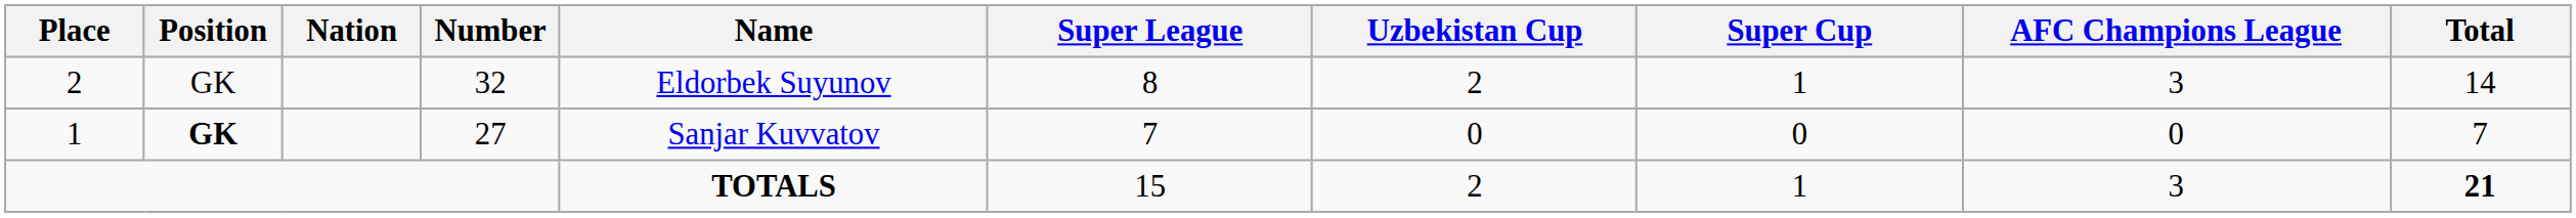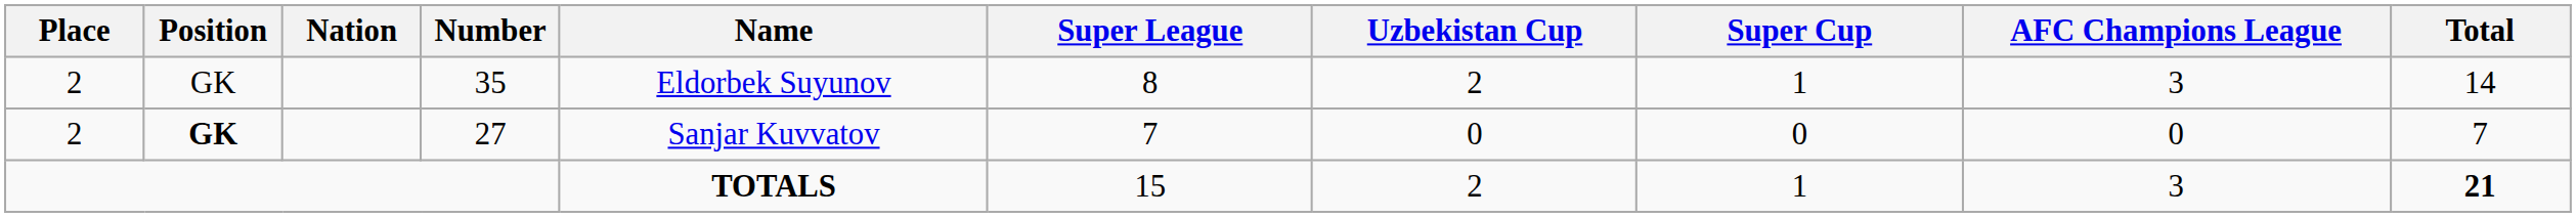 <table class="wikitable" style="font-size: 95%; text-align: center;">
 <tr>
 <th width=60>Place</th>
 <th width=60>Position</th>
 <th width=60>Nation</th>
 <th width=60>Number</th>
 <th width=200>Name</th>
 <th width=150><a href='#'>Super League</a></th>
 <th width=150><a href='#'>Uzbekistan Cup</a></th>
 <th width=150><a href='#'>Super Cup</a></th>
 <th width=200><a href='#'>AFC Champions League</a></th>
 <th width=80><strong>Total</strong></th>
 </tr>
 <tr>
 <td>2</td>
 <td>GK</td>
 <td></td>
-<td>32</td>
+<td>35</td>
 <td><a href='#'>Eldorbek Suyunov</a></td>
 <td>8</td>
 <td>2</td>
 <td>1</td>
 <td>3</td>
 <td>14</td>
 </tr>
 <tr>
-<td>1</td>
+<td>2</td>
 <td><strong>GK</strong></td>
 <td></td>
 <td>27</td>
 <td><a href='#'>Sanjar Kuvvatov</a></td>
 <td>7</td>
 <td>0</td>
 <td>0</td>
 <td>0</td>
 <td>7</td>
 </tr>
 <tr>
 <td colspan="4"></td>
 <td><strong>TOTALS</strong></td>
 <td>15</td>
 <td>2</td>
 <td>1</td>
 <td>3</td>
 <td><strong>21</strong></td>
 </tr>
 </table>
